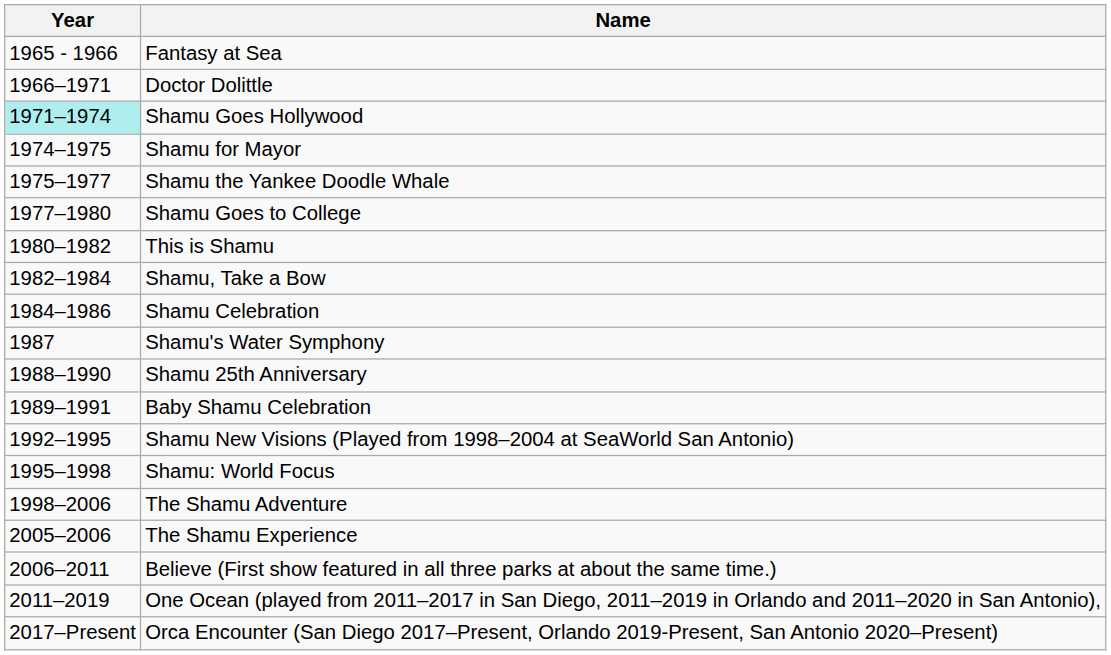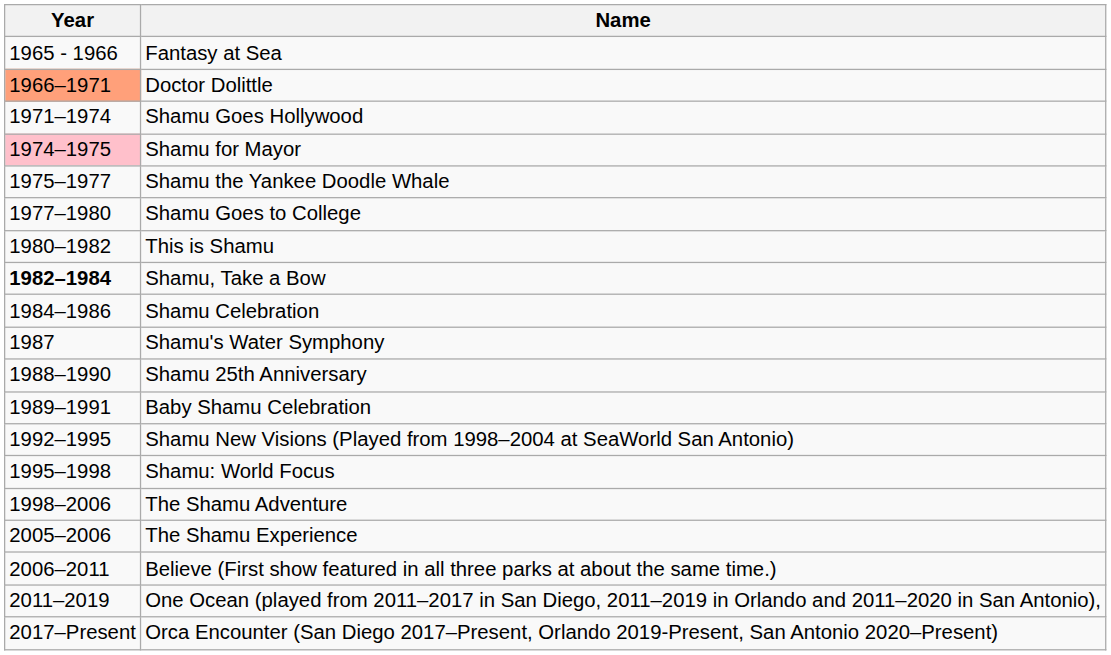 <table class="wikitable">
 <tr>
 <th>Year</th>
 <th>Name</th>
 </tr>
 <tr>
 <td>1965 - 1966</td>
 <td>Fantasy at Sea</td>
 </tr>
 <tr>
-<td>1966–1971</td>
+<td style="background: lightsalmon;">1966–1971</td>
 <td>Doctor Dolittle</td>
 </tr>
 <tr>
-<td style="background: paleturquoise;">1971–1974</td>
+<td>1971–1974</td>
 <td>Shamu Goes Hollywood</td>
 </tr>
 <tr>
-<td>1974–1975</td>
+<td style="background: pink;">1974–1975</td>
 <td>Shamu for Mayor</td>
 </tr>
 <tr>
 <td>1975–1977</td>
 <td>Shamu the Yankee Doodle Whale</td>
 </tr>
 <tr>
 <td>1977–1980</td>
 <td>Shamu Goes to College</td>
 </tr>
 <tr>
 <td>1980–1982</td>
 <td>This is Shamu</td>
 </tr>
 <tr>
-<td>1982–1984</td>
+<td><strong>1982–1984</strong></td>
 <td>Shamu, Take a Bow</td>
 </tr>
 <tr>
 <td>1984–1986</td>
 <td>Shamu Celebration</td>
 </tr>
 <tr>
 <td>1987</td>
 <td>Shamu's Water Symphony</td>
 </tr>
 <tr>
 <td>1988–1990</td>
 <td>Shamu 25th Anniversary</td>
 </tr>
 <tr>
 <td>1989–1991</td>
 <td>Baby Shamu Celebration</td>
 </tr>
 <tr>
 <td>1992–1995</td>
 <td>Shamu New Visions (Played from 1998–2004 at SeaWorld San Antonio)</td>
 </tr>
 <tr>
 <td>1995–1998</td>
 <td>Shamu: World Focus</td>
 </tr>
 <tr>
 <td>1998–2006</td>
 <td>The Shamu Adventure</td>
 </tr>
 <tr>
 <td>2005–2006</td>
 <td>The Shamu Experience</td>
 </tr>
 <tr>
 <td>2006–2011</td>
 <td>Believe (First show featured in all three parks at about the same time.)</td>
 </tr>
 <tr>
 <td>2011–2019</td>
 <td>One Ocean (played from 2011–2017 in San Diego, 2011–2019 in Orlando and 2011–2020 in San Antonio),</td>
 </tr>
 <tr>
 <td>2017–Present</td>
 <td>Orca Encounter (San Diego 2017–Present, Orlando 2019-Present, San Antonio 2020–Present)</td>
 </tr>
 </table>
